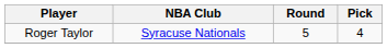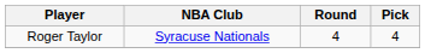 <table class="wikitable" width="500">
 <tr>
 <th>Player</th>
 <th>NBA Club</th>
 <th>Round</th>
 <th>Pick</th>
 </tr>
 <tr align="center" bgcolor="">
 <td>Roger Taylor</td>
 <td><a href='#'>Syracuse Nationals</a></td>
-<td>5</td>
+<td>4</td>
 <td>4</td>
 </tr>
 <tr align="center" bgcolor="">
 </tr>
 </table>
